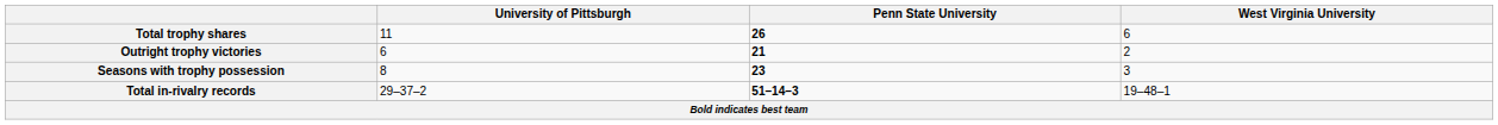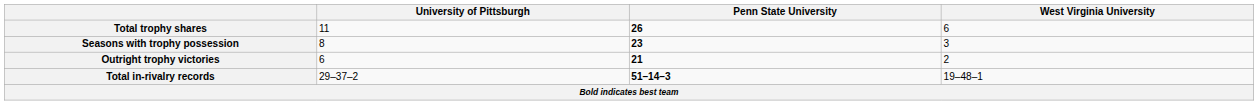 <table class="wikitable" width="100%" style="margin: 1em auto 1em auto">
 <tr>
 <th width="25%"></th>
 <th width="25%">University of Pittsburgh</th>
 <th width="25%">Penn State University</th>
 <th width="25%">West Virginia University</th>
 </tr>
 <tr>
 <th>Total trophy shares</th>
 <td>11</td>
 <td><strong>26</strong></td>
 <td>6</td>
 </tr>
 <tr>
+<th>Seasons with trophy possession</th>
+<td>8</td>
+<td><strong>23</strong></td>
+<td>3</td>
+</tr>
+<tr>
 <th>Outright trophy victories</th>
 <td>6</td>
 <td><strong>21</strong></td>
 <td>2</td>
-</tr>
-<tr>
-<th>Seasons with trophy possession</th>
-<td>8</td>
-<td><strong>23</strong></td>
-<td>3</td>
 </tr>
 <tr>
 <th>Total in-rivalry records</th>
 <td>29–37–2</td>
 <td><strong>51–14–3</strong></td>
 <td>19–48–1</td>
 </tr>
 <tr>
 <th colspan="4" align="right" style="text-align: center;"><small><em>Bold indicates best team</em></small></th>
 </tr>
 </table>
